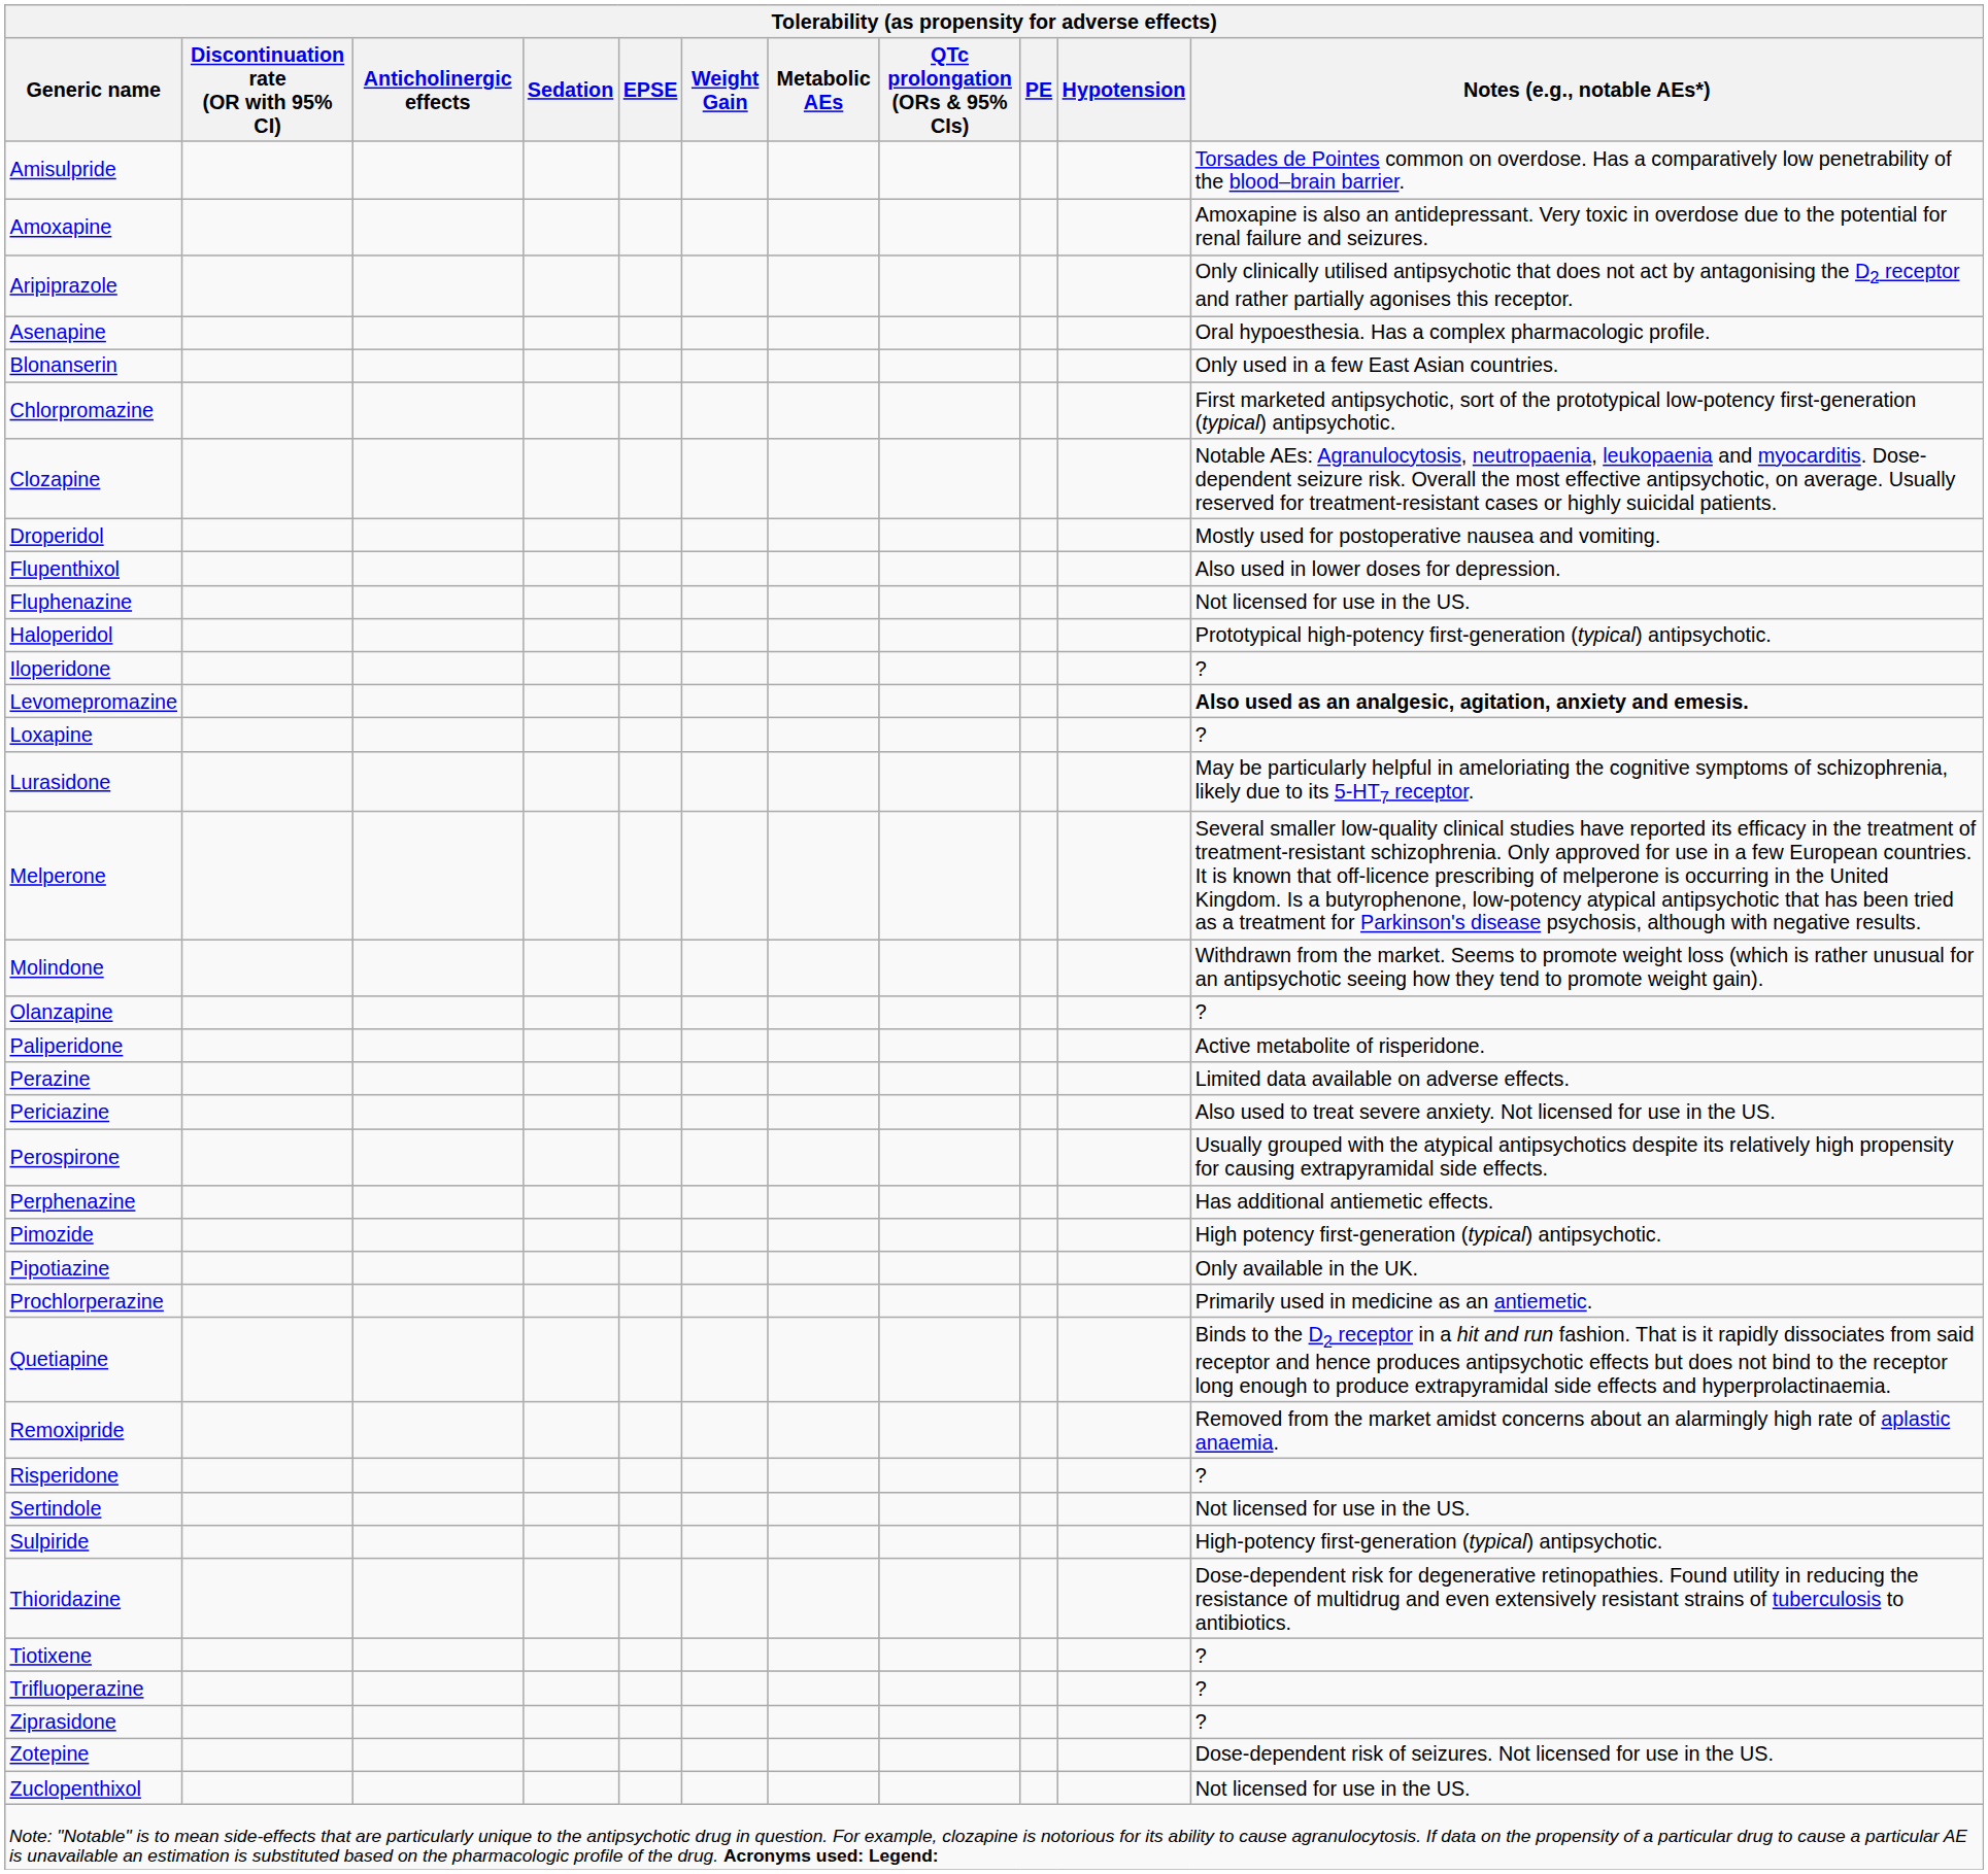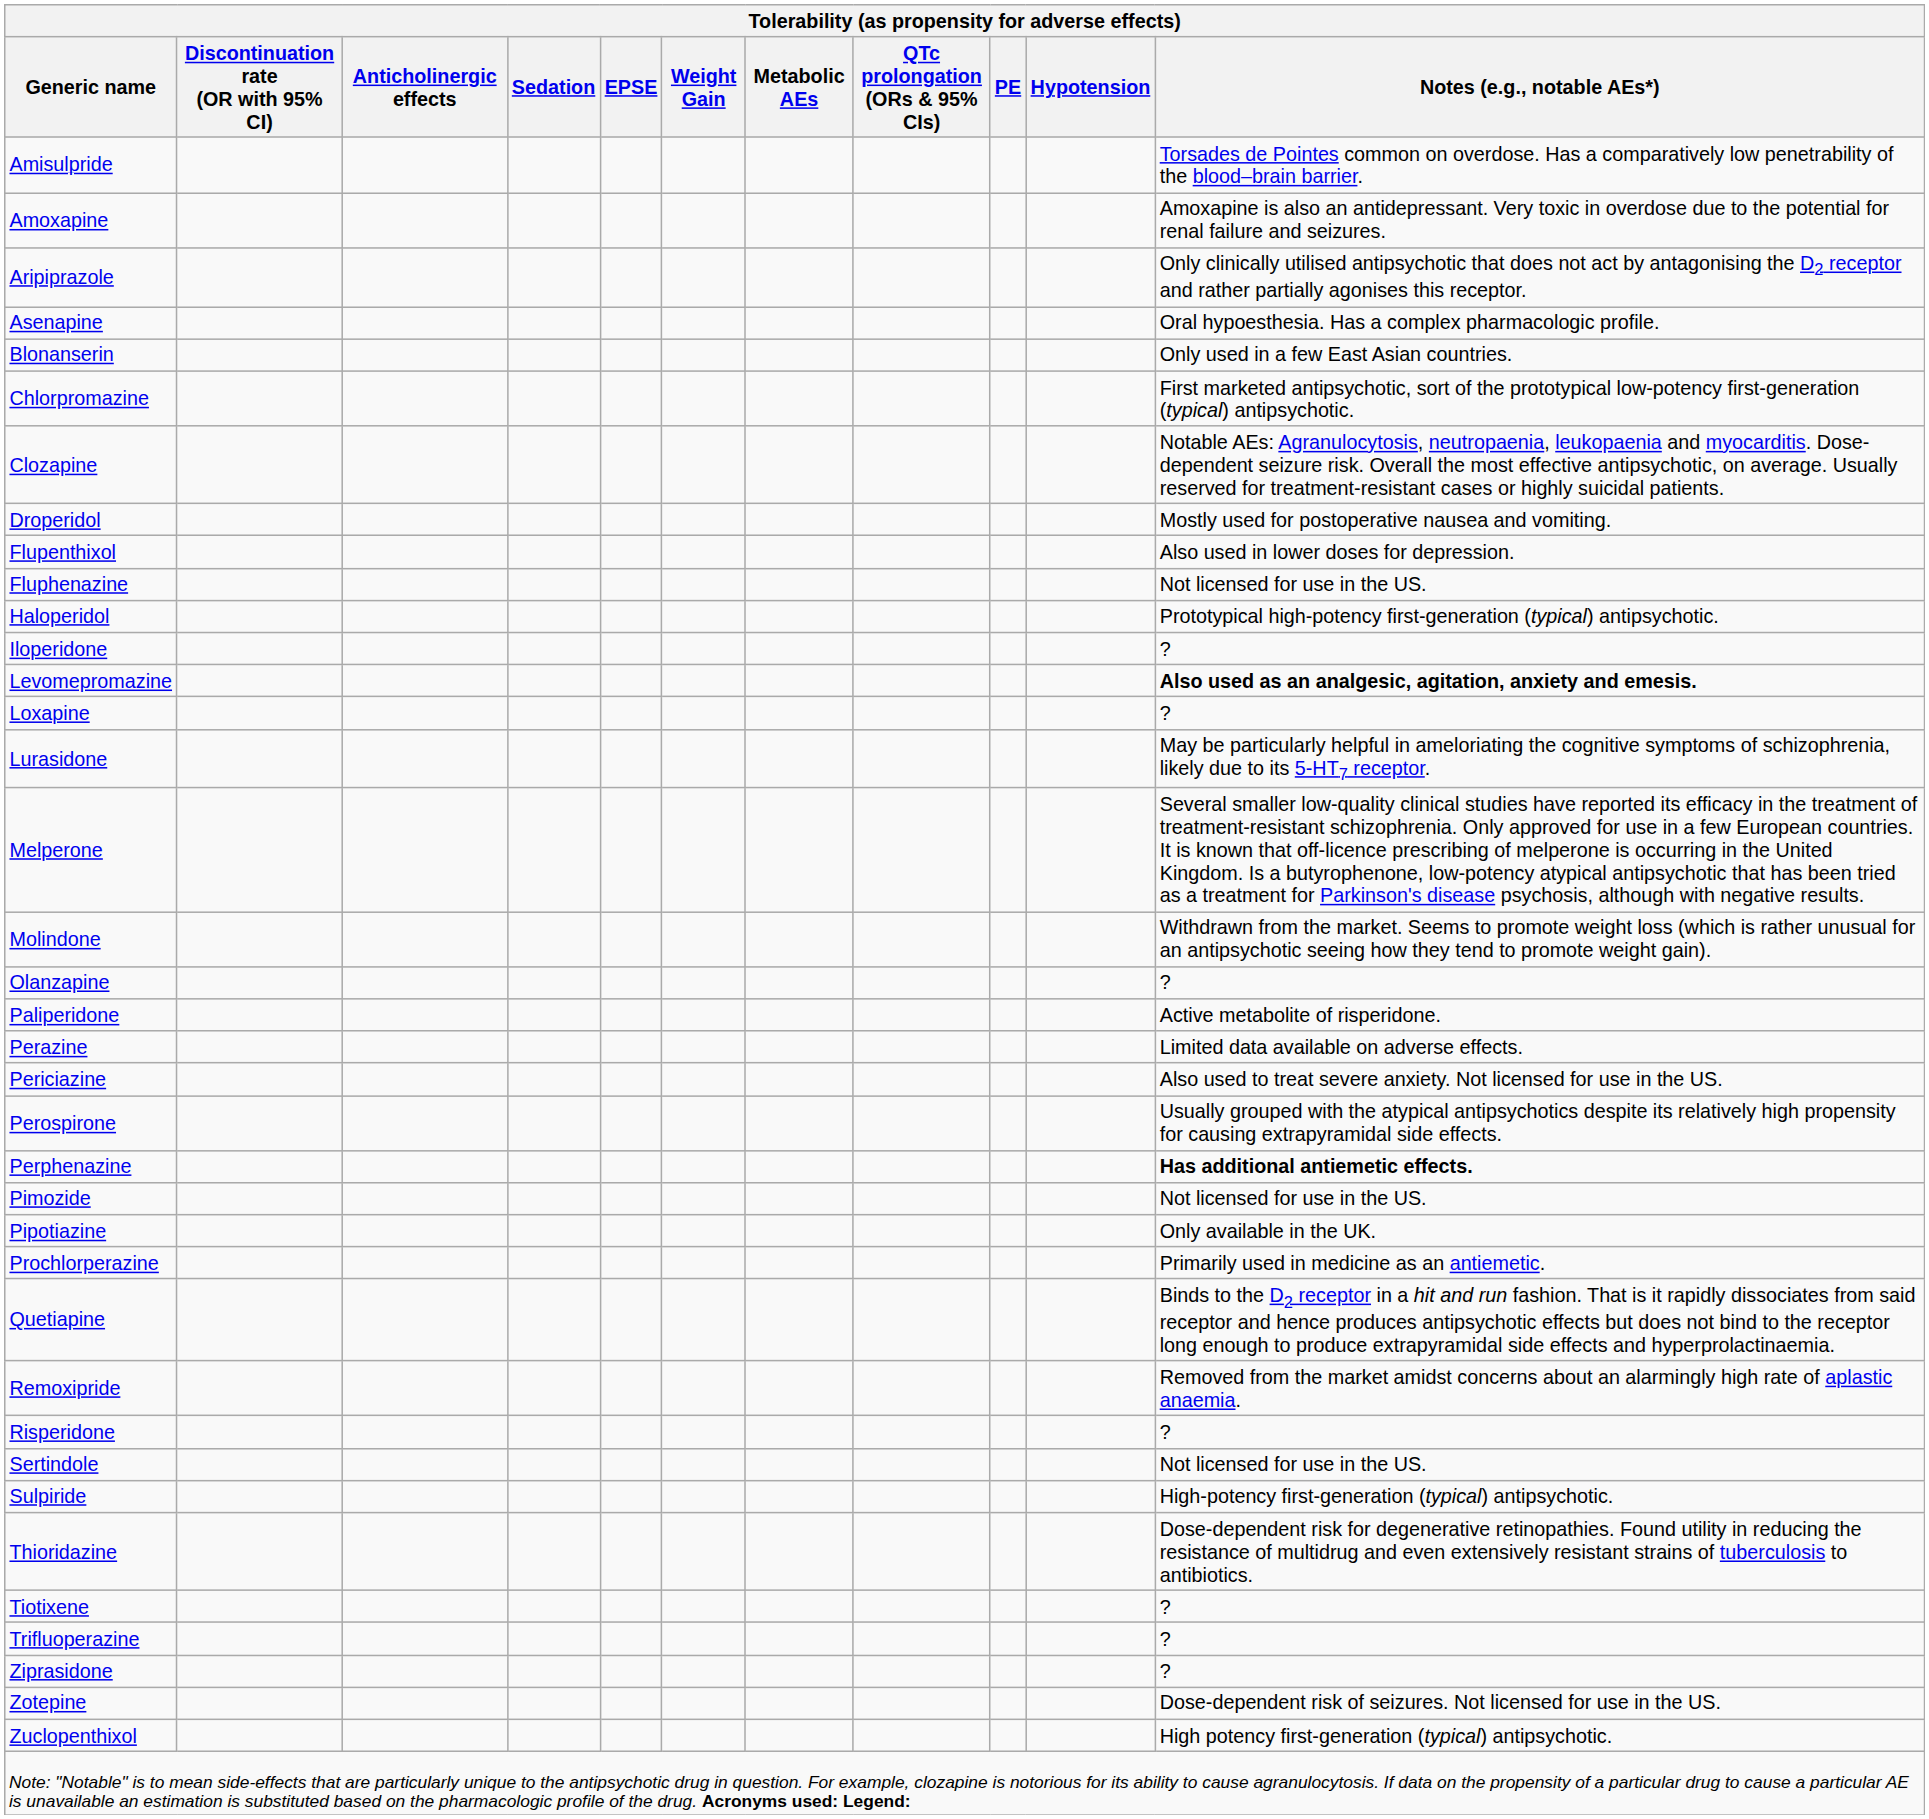 <table class="wikitable collapsible collapsed" style="font-size:small; width:100%;">
 <tr>
 <th colspan=11>Tolerability (as propensity for adverse effects)</th>
 </tr>
 <tr>
 <th>Generic name<br></th>
 <th><a href='#'>Discontinuation</a> rate<br>(OR with 95% CI)</th>
 <th><a href='#'>Anticholinergic</a> effects</th>
 <th><a href='#'>Sedation</a></th>
 <th><a href='#'>EPSE</a></th>
 <th><a href='#'>Weight Gain</a></th>
 <th>Metabolic <a href='#'>AEs</a></th>
 <th><a href='#'>QTc prolongation</a><br>(ORs & 95% CIs)</th>
 <th><a href='#'>PE</a></th>
 <th><a href='#'>Hypotension</a></th>
 <th>Notes (e.g., notable AEs*)</th>
 </tr>
 <tr>
 <td><a href='#'>Amisulpride</a></td>
 <td></td>
 <td></td>
 <td></td>
 <td></td>
 <td></td>
 <td></td>
 <td></td>
 <td></td>
 <td></td>
 <td><a href='#'>Torsades de Pointes</a> common on overdose. Has a comparatively low penetrability of the <a href='#'>blood–brain barrier</a>.</td>
 </tr>
 <tr>
 <td><a href='#'>Amoxapine</a></td>
 <td></td>
 <td></td>
 <td></td>
 <td></td>
 <td></td>
 <td></td>
 <td></td>
 <td></td>
 <td></td>
 <td>Amoxapine is also an antidepressant. Very toxic in overdose due to the potential for renal failure and seizures.</td>
 </tr>
 <tr>
 <td><a href='#'>Aripiprazole</a></td>
 <td></td>
 <td></td>
 <td></td>
 <td></td>
 <td></td>
 <td></td>
 <td></td>
 <td></td>
 <td></td>
 <td>Only clinically utilised antipsychotic that does not act by antagonising the <a href='#'>D<sub>2</sub> receptor</a> and rather partially agonises this receptor.</td>
 </tr>
 <tr>
 <td><a href='#'>Asenapine</a></td>
 <td></td>
 <td></td>
 <td></td>
 <td></td>
 <td></td>
 <td></td>
 <td></td>
 <td></td>
 <td></td>
 <td>Oral hypoesthesia. Has a complex pharmacologic profile.</td>
 </tr>
 <tr>
 <td><a href='#'>Blonanserin</a></td>
 <td></td>
 <td></td>
 <td></td>
 <td></td>
 <td></td>
 <td></td>
 <td></td>
 <td></td>
 <td></td>
 <td>Only used in a few East Asian countries.</td>
 </tr>
 <tr>
 <td><a href='#'>Chlorpromazine</a></td>
 <td></td>
 <td></td>
 <td></td>
 <td></td>
 <td></td>
 <td></td>
 <td></td>
 <td></td>
 <td></td>
 <td>First marketed antipsychotic, sort of the prototypical low-potency first-generation (<em>typical</em>) antipsychotic.</td>
 </tr>
 <tr>
 <td><a href='#'>Clozapine</a></td>
 <td></td>
 <td></td>
 <td></td>
 <td></td>
 <td></td>
 <td></td>
 <td></td>
 <td></td>
 <td></td>
 <td>Notable AEs: <a href='#'>Agranulocytosis</a>, <a href='#'>neutropaenia</a>, <a href='#'>leukopaenia</a> and <a href='#'>myocarditis</a>. Dose-dependent seizure risk. Overall the most effective antipsychotic, on average. Usually reserved for treatment-resistant cases or highly suicidal patients.</td>
 </tr>
 <tr>
 <td><a href='#'>Droperidol</a></td>
 <td></td>
 <td></td>
 <td></td>
 <td></td>
 <td></td>
 <td></td>
 <td></td>
 <td></td>
 <td></td>
 <td>Mostly used for postoperative nausea and vomiting.</td>
 </tr>
 <tr>
 <td><a href='#'>Flupenthixol</a></td>
 <td></td>
 <td></td>
 <td></td>
 <td></td>
 <td></td>
 <td></td>
 <td></td>
 <td></td>
 <td></td>
 <td>Also used in lower doses for depression.</td>
 </tr>
 <tr>
 <td><a href='#'>Fluphenazine</a></td>
 <td></td>
 <td></td>
 <td></td>
 <td></td>
 <td></td>
 <td></td>
 <td></td>
 <td></td>
 <td></td>
 <td>Not licensed for use in the US.</td>
 </tr>
 <tr>
 <td><a href='#'>Haloperidol</a></td>
 <td></td>
 <td></td>
 <td></td>
 <td></td>
 <td></td>
 <td></td>
 <td></td>
 <td></td>
 <td></td>
 <td>Prototypical high-potency first-generation (<em>typical</em>) antipsychotic.</td>
 </tr>
 <tr>
 <td><a href='#'>Iloperidone</a></td>
 <td></td>
 <td></td>
 <td></td>
 <td></td>
 <td></td>
 <td></td>
 <td></td>
 <td></td>
 <td></td>
 <td>?</td>
 </tr>
 <tr>
 <td><a href='#'>Levomepromazine</a></td>
 <td></td>
 <td></td>
 <td></td>
 <td></td>
 <td></td>
 <td></td>
 <td></td>
 <td></td>
 <td></td>
 <td><strong>Also used as an analgesic, agitation, anxiety and emesis.</strong></td>
 </tr>
 <tr>
 <td><a href='#'>Loxapine</a></td>
 <td></td>
 <td></td>
 <td></td>
 <td></td>
 <td></td>
 <td></td>
 <td></td>
 <td></td>
 <td></td>
 <td>?</td>
 </tr>
 <tr>
 <td><a href='#'>Lurasidone</a></td>
 <td></td>
 <td></td>
 <td></td>
 <td></td>
 <td></td>
 <td></td>
 <td></td>
 <td></td>
 <td></td>
 <td>May be particularly helpful in ameloriating the cognitive symptoms of schizophrenia, likely due to its <a href='#'>5-HT<sub>7</sub> receptor</a>.</td>
 </tr>
 <tr>
 <td><a href='#'>Melperone</a></td>
 <td></td>
 <td></td>
 <td></td>
 <td></td>
 <td></td>
 <td></td>
 <td></td>
 <td></td>
 <td></td>
 <td>Several smaller low-quality clinical studies have reported its efficacy in the treatment of treatment-resistant schizophrenia. Only approved for use in a few European countries. It is known that off-licence prescribing of melperone is occurring in the United Kingdom. Is a butyrophenone, low-potency atypical antipsychotic that has been tried as a treatment for <a href='#'>Parkinson's disease</a> psychosis, although with negative results.</td>
 </tr>
 <tr>
 <td><a href='#'>Molindone</a></td>
 <td></td>
 <td></td>
 <td></td>
 <td></td>
 <td></td>
 <td></td>
 <td></td>
 <td></td>
 <td></td>
 <td>Withdrawn from the market. Seems to promote weight loss (which is rather unusual for an antipsychotic seeing how they tend to promote weight gain).</td>
 </tr>
 <tr>
 <td><a href='#'>Olanzapine</a></td>
 <td></td>
 <td></td>
 <td></td>
 <td></td>
 <td></td>
 <td></td>
 <td></td>
 <td></td>
 <td></td>
 <td>?</td>
 </tr>
 <tr>
 <td><a href='#'>Paliperidone</a></td>
 <td></td>
 <td></td>
 <td></td>
 <td></td>
 <td></td>
 <td></td>
 <td></td>
 <td></td>
 <td></td>
 <td>Active metabolite of risperidone.</td>
 </tr>
 <tr>
 <td><a href='#'>Perazine</a></td>
 <td></td>
 <td></td>
 <td></td>
 <td></td>
 <td></td>
 <td></td>
 <td></td>
 <td></td>
 <td></td>
 <td>Limited data available on adverse effects.</td>
 </tr>
 <tr>
 <td><a href='#'>Periciazine</a></td>
 <td></td>
 <td></td>
 <td></td>
 <td></td>
 <td></td>
 <td></td>
 <td></td>
 <td></td>
 <td></td>
 <td>Also used to treat severe anxiety. Not licensed for use in the US.</td>
 </tr>
 <tr>
 <td><a href='#'>Perospirone</a></td>
 <td></td>
 <td></td>
 <td></td>
 <td></td>
 <td></td>
 <td></td>
 <td></td>
 <td></td>
 <td></td>
 <td>Usually grouped with the atypical antipsychotics despite its relatively high propensity for causing extrapyramidal side effects.</td>
 </tr>
 <tr>
 <td><a href='#'>Perphenazine</a></td>
 <td></td>
 <td></td>
 <td></td>
 <td></td>
 <td></td>
 <td></td>
 <td></td>
 <td></td>
 <td></td>
-<td>Has additional antiemetic effects.</td>
+<td><strong>Has additional antiemetic effects.</strong></td>
 </tr>
 <tr>
 <td><a href='#'>Pimozide</a></td>
 <td></td>
 <td></td>
 <td></td>
 <td></td>
 <td></td>
 <td></td>
 <td></td>
 <td></td>
 <td></td>
-<td>High potency first-generation (<em>typical</em>) antipsychotic.</td>
+<td>Not licensed for use in the US.</td>
 </tr>
 <tr>
 <td><a href='#'>Pipotiazine</a></td>
 <td></td>
 <td></td>
 <td></td>
 <td></td>
 <td></td>
 <td></td>
 <td></td>
 <td></td>
 <td></td>
 <td>Only available in the UK.</td>
 </tr>
 <tr>
 <td><a href='#'>Prochlorperazine</a></td>
 <td></td>
 <td></td>
 <td></td>
 <td></td>
 <td></td>
 <td></td>
 <td></td>
 <td></td>
 <td></td>
 <td>Primarily used in medicine as an <a href='#'>antiemetic</a>.</td>
 </tr>
 <tr>
 <td><a href='#'>Quetiapine</a></td>
 <td></td>
 <td></td>
 <td></td>
 <td></td>
 <td></td>
 <td></td>
 <td></td>
 <td></td>
 <td></td>
 <td>Binds to the <a href='#'>D<sub>2</sub> receptor</a> in a <em>hit and run</em> fashion. That is it rapidly dissociates from said receptor and hence produces antipsychotic effects but does not bind to the receptor long enough to produce extrapyramidal side effects and hyperprolactinaemia.</td>
 </tr>
 <tr>
 <td><a href='#'>Remoxipride</a></td>
 <td></td>
 <td></td>
 <td></td>
 <td></td>
 <td></td>
 <td></td>
 <td></td>
 <td></td>
 <td></td>
 <td>Removed from the market amidst concerns about an alarmingly high rate of <a href='#'>aplastic anaemia</a>.</td>
 </tr>
 <tr>
 <td><a href='#'>Risperidone</a></td>
 <td></td>
 <td></td>
 <td></td>
 <td></td>
 <td></td>
 <td></td>
 <td></td>
 <td></td>
 <td></td>
 <td>?</td>
 </tr>
 <tr>
 <td><a href='#'>Sertindole</a></td>
 <td></td>
 <td></td>
 <td></td>
 <td></td>
 <td></td>
 <td></td>
 <td></td>
 <td></td>
 <td></td>
 <td>Not licensed for use in the US.</td>
 </tr>
 <tr>
 <td><a href='#'>Sulpiride</a></td>
 <td></td>
 <td></td>
 <td></td>
 <td></td>
 <td></td>
 <td></td>
 <td></td>
 <td></td>
 <td></td>
 <td>High-potency first-generation (<em>typical</em>) antipsychotic.</td>
 </tr>
 <tr>
 <td><a href='#'>Thioridazine</a></td>
 <td></td>
 <td></td>
 <td></td>
 <td></td>
 <td></td>
 <td></td>
 <td></td>
 <td></td>
 <td></td>
 <td>Dose-dependent risk for degenerative retinopathies. Found utility in reducing the resistance of multidrug and even extensively resistant strains of <a href='#'>tuberculosis</a> to antibiotics.</td>
 </tr>
 <tr>
 <td><a href='#'>Tiotixene</a></td>
 <td></td>
 <td></td>
 <td></td>
 <td></td>
 <td></td>
 <td></td>
 <td></td>
 <td></td>
 <td></td>
 <td>?</td>
 </tr>
 <tr>
 <td><a href='#'>Trifluoperazine</a></td>
 <td></td>
 <td></td>
 <td></td>
 <td></td>
 <td></td>
 <td></td>
 <td></td>
 <td></td>
 <td></td>
 <td>?</td>
 </tr>
 <tr>
 <td><a href='#'>Ziprasidone</a></td>
 <td></td>
 <td></td>
 <td></td>
 <td></td>
 <td></td>
 <td></td>
 <td></td>
 <td></td>
 <td></td>
 <td>?</td>
 </tr>
 <tr>
 <td><a href='#'>Zotepine</a></td>
 <td></td>
 <td></td>
 <td></td>
 <td></td>
 <td></td>
 <td></td>
 <td></td>
 <td></td>
 <td></td>
 <td>Dose-dependent risk of seizures. Not licensed for use in the US.</td>
 </tr>
 <tr>
 <td><a href='#'>Zuclopenthixol</a></td>
 <td></td>
 <td></td>
 <td></td>
 <td></td>
 <td></td>
 <td></td>
 <td></td>
 <td></td>
 <td></td>
-<td>Not licensed for use in the US.</td>
+<td>High potency first-generation (<em>typical</em>) antipsychotic.</td>
 </tr>
 <tr>
 <td colspan=11 style="font-size:88%;"><br><em>Note: "Notable" is to mean side-effects that are particularly unique to the antipsychotic drug in question. For example, clozapine is notorious for its ability to cause agranulocytosis. If data on the propensity of a particular drug to cause a particular AE is unavailable an estimation is substituted based on the pharmacologic profile of the drug. </em>   <strong>Acronyms used:</strong> <strong>Legend:</strong><br></td>
 </tr>
 </table>
